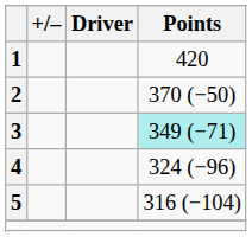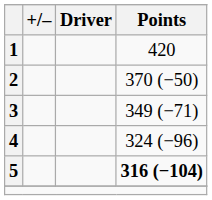 <table class="wikitable sortable" style="font-size:95%;">
 <tr>
 </tr>
 <tr>
 <th scope="col"></th>
 <th scope="col">+/–</th>
 <th scope="col">Driver</th>
 <th scope="col">Points</th>
 </tr>
 <tr>
 <th scope="row">1</th>
 <td align="left"><span></span></td>
 <td></td>
 <td style="text-align:center;">420</td>
 </tr>
 <tr>
 <th scope="row">2</th>
 <td align="left"><span></span></td>
 <td></td>
 <td style="text-align:center;">370 (−50)</td>
 </tr>
 <tr>
 <th scope="row">3</th>
 <td align="left"><span></span></td>
 <td></td>
-<td style="background: paleturquoise; text-align:center;">349 (−71)</td>
+<td style="text-align:center;">349 (−71)</td>
 </tr>
 <tr>
 <th scope="row">4</th>
 <td align="left"><span></span></td>
 <td></td>
 <td style="text-align:center;">324 (−96)</td>
 </tr>
 <tr>
 <th scope="row">5</th>
 <td align="left"><span></span></td>
 <td></td>
-<td style="text-align:center;">316 (−104)</td>
+<td style="text-align:center;"><strong>316 (−104)</strong></td>
 </tr>
 <tr>
 </tr>
 <tr class="sortbottom">
 <td colspan="9"></td>
 </tr>
 </table>
